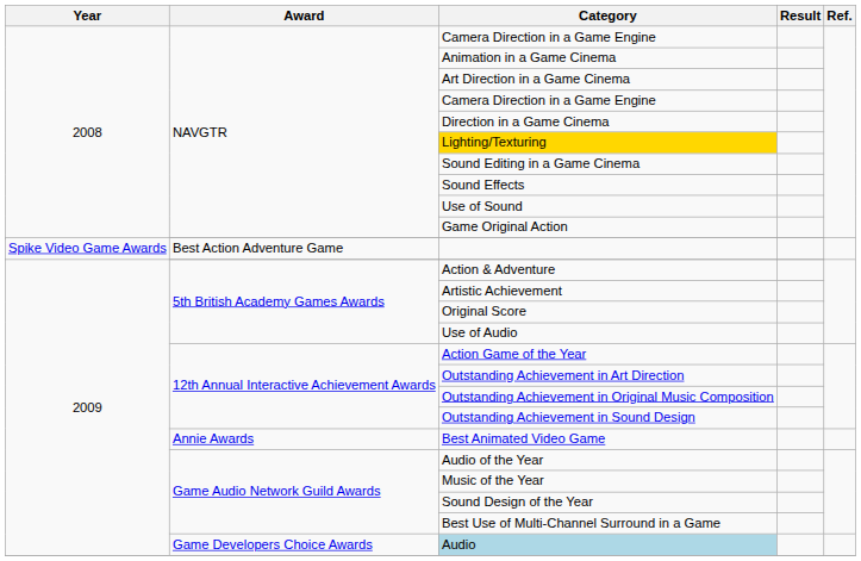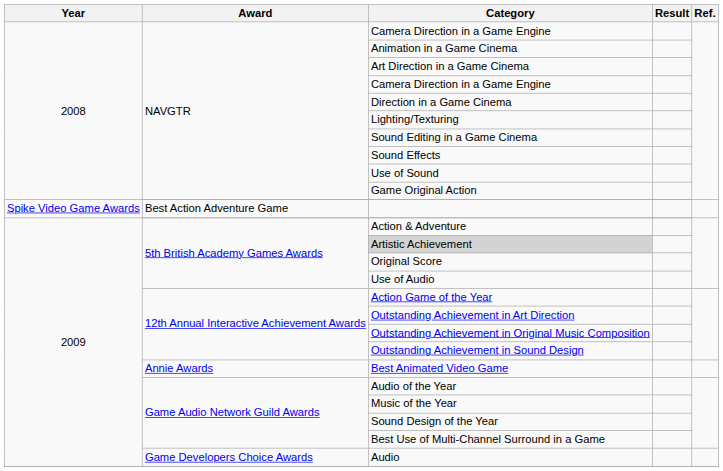 <table class="wikitable sortable">
 <tr>
 <th>Year</th>
 <th>Award</th>
 <th>Category</th>
 <th>Result</th>
 <th>Ref.</th>
 </tr>
 <tr>
 <td rowspan="11" style="text-align:center;">2008</td>
 <td rowspan="10">NAVGTR</td>
 <td>Camera Direction in a Game Engine</td>
 <td></td>
 <td rowspan="10"></td>
 </tr>
 <tr>
 <td>Animation in a Game Cinema</td>
 <td></td>
 </tr>
 <tr>
 <td>Art Direction in a Game Cinema</td>
 <td></td>
 </tr>
 <tr>
 <td>Camera Direction in a Game Engine</td>
 <td></td>
 </tr>
 <tr>
 <td>Direction in a Game Cinema</td>
 <td></td>
 </tr>
 <tr>
-<td style="background: gold;">Lighting/Texturing</td>
+<td>Lighting/Texturing</td>
 <td></td>
 </tr>
 <tr>
 <td>Sound Editing in a Game Cinema</td>
 <td></td>
 </tr>
 <tr>
 <td>Sound Effects</td>
 <td></td>
 </tr>
 <tr>
 <td>Use of Sound</td>
 <td></td>
 </tr>
 <tr>
 <td>Game Original Action</td>
 <td></td>
 </tr>
 <tr>
 </tr>
 <tr>
 <td><a href='#'>Spike Video Game Awards</a></td>
 <td>Best Action Adventure Game</td>
 <td></td>
 <td></td>
 </tr>
 <tr>
 <td rowspan="15" style="text-align:center;">2009</td>
 </tr>
 <tr>
 <td rowspan="4"><a href='#'>5th British Academy Games Awards</a></td>
 <td>Action & Adventure</td>
 <td></td>
 <td rowspan="4"></td>
 </tr>
 <tr>
-<td>Artistic Achievement</td>
+<td style="background: lightgrey;">Artistic Achievement</td>
 <td></td>
 </tr>
 <tr>
 <td>Original Score</td>
 <td></td>
 </tr>
 <tr>
 <td>Use of Audio</td>
 <td></td>
 </tr>
 <tr>
 <td rowspan="4"><a href='#'>12th Annual Interactive Achievement Awards</a></td>
 <td><a href='#'>Action Game of the Year</a></td>
 <td></td>
 <td rowspan="4"></td>
 </tr>
 <tr>
 <td><a href='#'>Outstanding Achievement in Art Direction</a></td>
 <td></td>
 </tr>
 <tr>
 <td><a href='#'>Outstanding Achievement in Original Music Composition</a></td>
 <td></td>
 </tr>
 <tr>
 <td><a href='#'>Outstanding Achievement in Sound Design</a></td>
 <td></td>
 </tr>
 <tr>
 <td><a href='#'>Annie Awards</a></td>
 <td><a href='#'>Best Animated Video Game</a></td>
 <td></td>
 <td></td>
 </tr>
 <tr>
 <td rowspan="4"><a href='#'>Game Audio Network Guild Awards</a></td>
 <td>Audio of the Year</td>
 <td></td>
 <td rowspan="4"></td>
 </tr>
 <tr>
 <td>Music of the Year</td>
 <td></td>
 </tr>
 <tr>
 <td>Sound Design of the Year</td>
 <td></td>
 </tr>
 <tr>
 <td>Best Use of Multi-Channel Surround in a Game</td>
 <td></td>
 </tr>
 <tr>
 <td><a href='#'>Game Developers Choice Awards</a></td>
-<td style="background: lightblue;">Audio</td>
+<td>Audio</td>
 <td></td>
 <td></td>
 </tr>
 <tr>
 </tr>
 </table>
